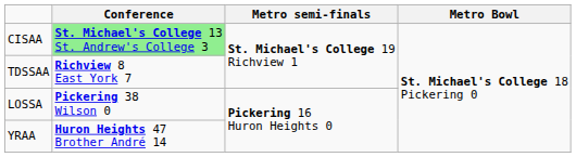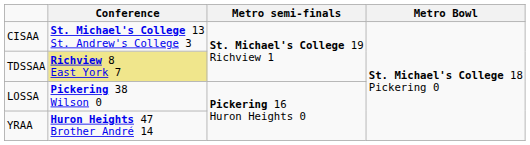 <table class="wikitable">
 <tr>
 <td></td>
 <th>Conference</th>
 <th>Metro semi-finals</th>
 <th>Metro Bowl</th>
 </tr>
 <tr>
 <td>CISAA</td>
-<td style="background: lightgreen;"><strong><a href='#'>St. Michael's College</a></strong> 13<br><a href='#'>St. Andrew's College</a> 3</td>
+<td><strong><a href='#'>St. Michael's College</a></strong> 13<br><a href='#'>St. Andrew's College</a> 3</td>
 <td rowspan=2><strong>St. Michael's College</strong> 19<br>Richview 1</td>
 <td rowspan=4><strong>St. Michael's College</strong> 18<br> Pickering 0</td>
 </tr>
 <tr>
 <td>TDSSAA</td>
-<td><strong><a href='#'>Richview</a></strong> 8<br><a href='#'>East York</a> 7</td>
+<td style="background: khaki;"><strong><a href='#'>Richview</a></strong> 8<br><a href='#'>East York</a> 7</td>
 </tr>
 <tr>
 <td>LOSSA</td>
 <td><strong><a href='#'>Pickering</a></strong> 38 <br><a href='#'>Wilson</a> 0</td>
 <td rowspan=2><strong>Pickering</strong> 16<br> Huron Heights 0</td>
 </tr>
 <tr>
 <td>YRAA</td>
 <td><strong><a href='#'>Huron Heights</a></strong> 47<br><a href='#'>Brother André</a> 14</td>
 </tr>
 </table>
